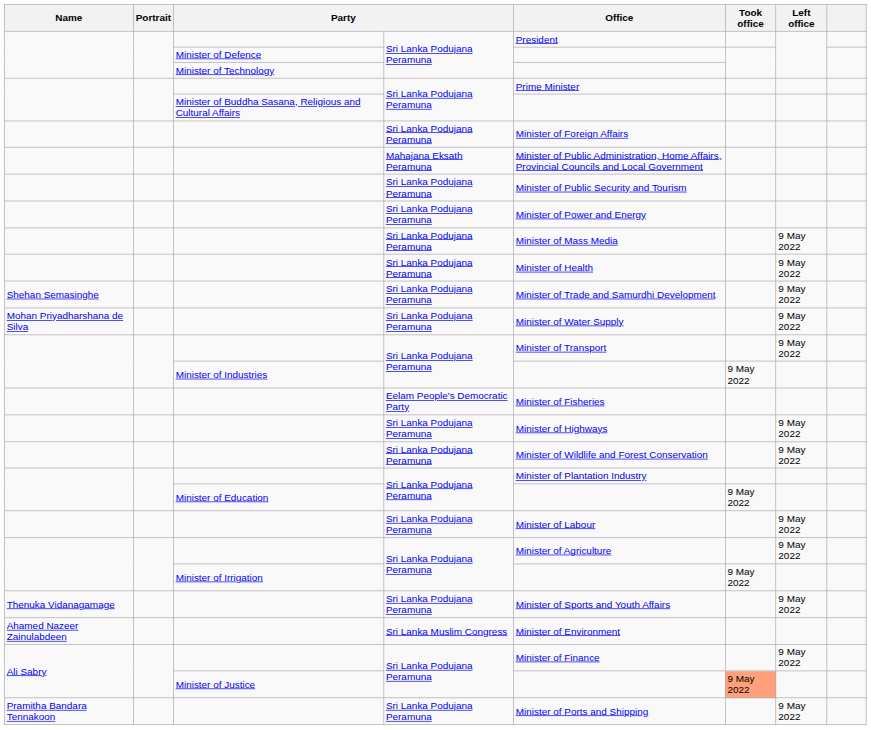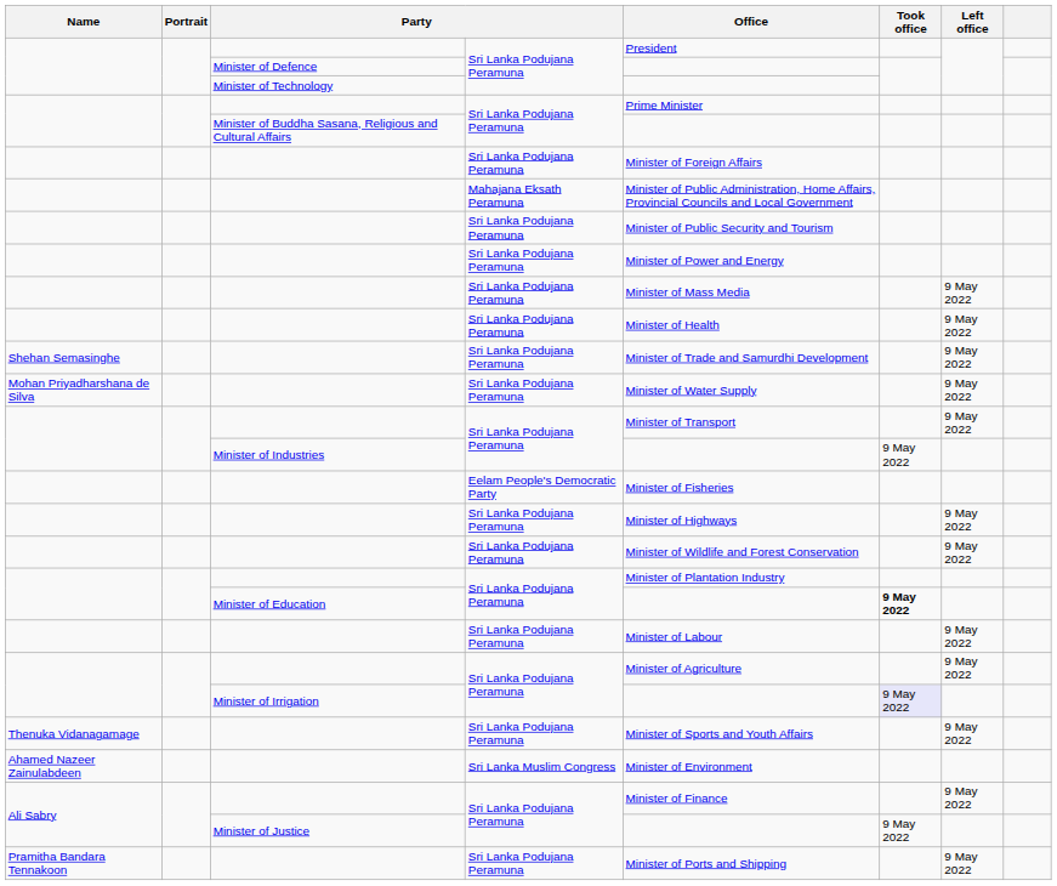 <table class="wikitable plainrowheaders sortable" style="font-size:90%; text-align:left;">
 <tr>
 <th scope="col">Name</th>
 <th scope="col" class="unsortable">Portrait</th>
 <th colspan="2" scope="col">Party</th>
 <th scope="col" width="300px">Office</th>
 <th scope="col">Took office</th>
 <th scope="col">Left office</th>
 <th scope="col" width="50px" class="unsortable"></th>
 </tr>
 <tr>
 <td rowspan="3"></td>
 <td rowspan="3" align="center"></td>
 <td style="background:"></td>
 <td rowspan="3"><a href='#'>Sri Lanka Podujana Peramuna</a></td>
 <td><a href='#'>President</a></td>
 <td align="center"></td>
 <td rowspan="3" align="center"></td>
 <td align="center"></td>
 </tr>
 <tr>
 <td><a href='#'>Minister of Defence</a></td>
 <td align="center"></td>
 <td rowspan="2" align="center"></td>
 </tr>
 <tr>
 <td><a href='#'>Minister of Technology</a></td>
 <td align="center"></td>
 </tr>
 <tr>
 <td rowspan="2"></td>
 <td rowspan="2" align="center"></td>
 <td style="background:"></td>
 <td rowspan="2"><a href='#'>Sri Lanka Podujana Peramuna</a></td>
 <td><a href='#'>Prime Minister</a></td>
 <td align="center"></td>
 <td align="center"></td>
 <td align="center"><br></td>
 </tr>
 <tr>
 <td><a href='#'>Minister of Buddha Sasana, Religious and Cultural Affairs</a></td>
 <td align="center"></td>
 <td align="center"></td>
 <td align="center"></td>
 </tr>
 <tr>
 <td></td>
 <td align="center"></td>
 <td style="background:"></td>
 <td><a href='#'>Sri Lanka Podujana Peramuna</a></td>
 <td><a href='#'>Minister of Foreign Affairs</a></td>
 <td align="center"></td>
 <td align="center"></td>
 <td align="center"></td>
 </tr>
 <tr>
 <td></td>
 <td align="center"></td>
 <td style="background:"></td>
 <td><a href='#'>Mahajana Eksath Peramuna</a></td>
 <td><a href='#'>Minister of Public Administration, Home Affairs, Provincial Councils and Local Government</a></td>
 <td align="center"></td>
 <td align="center"></td>
 <td align="center"></td>
 </tr>
 <tr>
 <td></td>
 <td align="center"></td>
 <td style="background:"></td>
 <td><a href='#'>Sri Lanka Podujana Peramuna</a></td>
 <td><a href='#'>Minister of Public Security and Tourism</a></td>
 <td align="center"></td>
 <td align="center"></td>
 <td align="center"></td>
 </tr>
 <tr>
 <td></td>
 <td align="center"></td>
 <td style="background:"></td>
 <td><a href='#'>Sri Lanka Podujana Peramuna</a></td>
 <td><a href='#'>Minister of Power and Energy</a></td>
 <td align="center"></td>
 <td></td>
 <td align="center"></td>
 </tr>
 <tr>
 <td></td>
 <td align="center"></td>
 <td style="background:"></td>
 <td><a href='#'>Sri Lanka Podujana Peramuna</a></td>
 <td><a href='#'>Minister of Mass Media</a></td>
 <td align="center"></td>
 <td>9 May 2022</td>
 <td align="center"></td>
 </tr>
 <tr>
 <td></td>
 <td align="center"></td>
 <td style="background:"></td>
 <td><a href='#'>Sri Lanka Podujana Peramuna</a></td>
 <td><a href='#'>Minister of Health</a></td>
 <td align="center"></td>
 <td>9 May 2022</td>
 <td align="center"></td>
 </tr>
 <tr>
 <td><a href='#'>Shehan Semasinghe</a></td>
 <td align="center"></td>
 <td style="background:"></td>
 <td><a href='#'>Sri Lanka Podujana Peramuna</a></td>
 <td><a href='#'>Minister of Trade and Samurdhi Development</a></td>
 <td align="center"></td>
 <td>9 May 2022</td>
 <td align="center"></td>
 </tr>
 <tr>
 <td><a href='#'>Mohan Priyadharshana de Silva</a></td>
 <td align="center"></td>
 <td style="background:"></td>
 <td><a href='#'>Sri Lanka Podujana Peramuna</a></td>
 <td><a href='#'>Minister of Water Supply</a></td>
 <td align="center"></td>
 <td>9 May 2022</td>
 <td align="center"></td>
 </tr>
 <tr>
 <td rowspan="2"></td>
 <td rowspan="2" align="center"></td>
 <td style="background:"></td>
 <td rowspan="2"><a href='#'>Sri Lanka Podujana Peramuna</a></td>
 <td><a href='#'>Minister of Transport</a></td>
 <td align="center"></td>
 <td>9 May 2022</td>
 <td align="center"></td>
 </tr>
 <tr>
 <td><a href='#'>Minister of Industries</a></td>
 <td align="center"></td>
 <td>9 May 2022</td>
 <td align="center"></td>
 </tr>
 <tr>
 <td></td>
 <td align="center"></td>
 <td style="background:"></td>
 <td><a href='#'>Eelam People's Democratic Party</a></td>
 <td><a href='#'>Minister of Fisheries</a></td>
 <td align="center"></td>
 <td align="center"></td>
 <td align="center"></td>
 </tr>
 <tr>
 <td></td>
 <td align="center"></td>
 <td style="background:"></td>
 <td><a href='#'>Sri Lanka Podujana Peramuna</a></td>
 <td><a href='#'>Minister of Highways</a></td>
 <td align="center"></td>
 <td>9 May 2022</td>
 <td align="center"></td>
 </tr>
 <tr>
 <td></td>
 <td align="center"></td>
 <td style="background:"></td>
 <td><a href='#'>Sri Lanka Podujana Peramuna</a></td>
 <td><a href='#'>Minister of Wildlife and Forest Conservation</a></td>
 <td align="center"></td>
 <td>9 May 2022</td>
 <td align="center"></td>
 </tr>
 <tr>
 <td rowspan="2"></td>
 <td rowspan="2" align="center"></td>
 <td style="background:"></td>
 <td rowspan="2"><a href='#'>Sri Lanka Podujana Peramuna</a></td>
 <td><a href='#'>Minister of Plantation Industry</a></td>
 <td align="center"></td>
 <td align="center"></td>
 <td align="center"></td>
 </tr>
 <tr>
 <td><a href='#'>Minister of Education</a></td>
 <td align="center"></td>
-<td>9 May 2022</td>
+<td><strong>9 May 2022</strong></td>
 <td align="center"></td>
 </tr>
 <tr>
 <td></td>
 <td align="center"></td>
 <td style="background:"></td>
 <td><a href='#'>Sri Lanka Podujana Peramuna</a></td>
 <td><a href='#'>Minister of Labour</a></td>
 <td align="center"></td>
 <td>9 May 2022</td>
 <td align="center"></td>
 </tr>
 <tr>
 <td rowspan="2"></td>
 <td rowspan="2" align="center"></td>
 <td style="background:"></td>
 <td rowspan="2"><a href='#'>Sri Lanka Podujana Peramuna</a></td>
 <td><a href='#'>Minister of Agriculture</a></td>
 <td align="center"></td>
 <td>9 May 2022</td>
 <td align="center"></td>
 </tr>
 <tr>
 <td><a href='#'>Minister of Irrigation</a></td>
 <td align="center"></td>
-<td>9 May 2022</td>
+<td style="background: lavender;">9 May 2022</td>
 <td align="center"></td>
 </tr>
 <tr>
 <td><a href='#'>Thenuka Vidanagamage</a></td>
 <td align="center"></td>
 <td style="background:"></td>
 <td><a href='#'>Sri Lanka Podujana Peramuna</a></td>
 <td><a href='#'>Minister of Sports and Youth Affairs</a></td>
 <td align="center"></td>
 <td>9 May 2022</td>
 <td align="center"></td>
 </tr>
 <tr>
 <td><a href='#'>Ahamed Nazeer Zainulabdeen</a></td>
 <td></td>
 <td style="background:"></td>
 <td><a href='#'>Sri Lanka Muslim Congress</a></td>
 <td><a href='#'>Minister of Environment</a></td>
 <td align="center"></td>
 <td></td>
 <td align="center"></td>
 </tr>
 <tr>
 <td rowspan="2"><a href='#'>Ali Sabry</a></td>
 <td rowspan="2" align="center"></td>
 <td style="background:"></td>
 <td rowspan="2"><a href='#'>Sri Lanka Podujana Peramuna</a></td>
 <td><a href='#'>Minister of Finance</a></td>
 <td align="center"></td>
 <td>9 May 2022</td>
 <td align="center"></td>
 </tr>
 <tr>
 <td><a href='#'>Minister of Justice</a></td>
 <td align="center"></td>
-<td style="background: lightsalmon;">9 May 2022</td>
+<td>9 May 2022</td>
 <td align="center"></td>
 </tr>
 <tr>
 <td><a href='#'>Pramitha Bandara Tennakoon</a></td>
 <td></td>
 <td style="background:"></td>
 <td><a href='#'>Sri Lanka Podujana Peramuna</a></td>
 <td><a href='#'>Minister of Ports and Shipping</a></td>
 <td align="center"></td>
 <td>9 May 2022</td>
 <td align="center"></td>
 </tr>
 </table>
